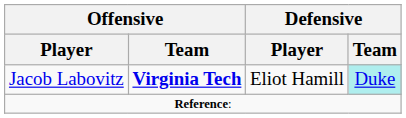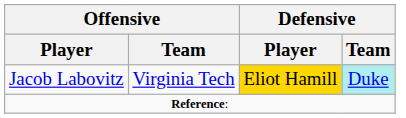 <table class="wikitable" style="text-align: center;">
 <tr>
 <th colspan="2">Offensive</th>
 <th colspan="2">Defensive</th>
 </tr>
 <tr>
 <th>Player</th>
 <th>Team</th>
 <th>Player</th>
 <th>Team</th>
 </tr>
 <tr>
 <td><a href='#'>Jacob Labovitz</a></td>
-<td><strong><a href='#'>Virginia Tech</a></strong></td>
-<td>Eliot Hamill</td>
+<td><a href='#'>Virginia Tech</a></td>
+<td style="background: gold;">Eliot Hamill</td>
 <td style="background: paleturquoise;"><a href='#'>Duke</a></td>
 </tr>
 <tr>
 <td colspan="4"  style="font-size:8pt; text-align:center;"><strong>Reference</strong>:</td>
 </tr>
 </table>
